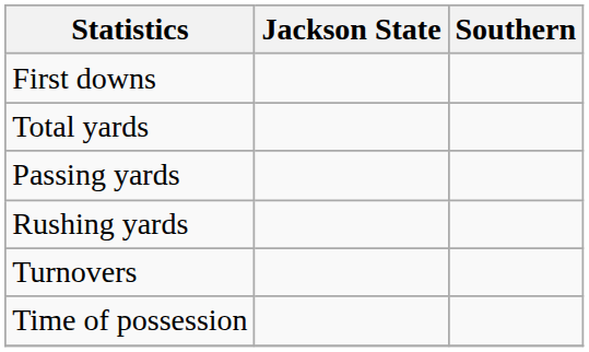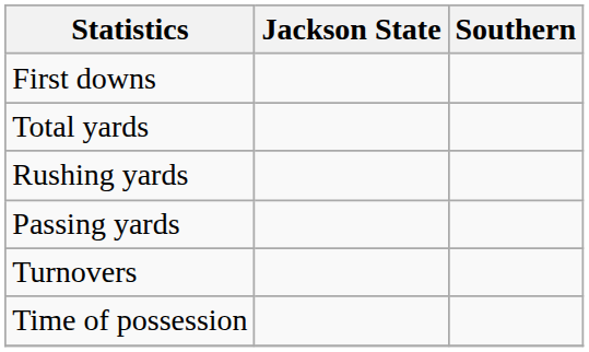 <table class="wikitable">
 <tr>
 <th>Statistics</th>
 <th>Jackson State</th>
 <th>Southern</th>
 </tr>
 <tr>
 <td>First downs</td>
 <td></td>
 <td> </td>
 </tr>
 <tr>
 <td>Total yards</td>
 <td></td>
 <td> </td>
 </tr>
 <tr>
-<td>Passing yards</td>
+<td>Rushing yards</td>
 <td></td>
 <td> </td>
 </tr>
 <tr>
-<td>Rushing yards</td>
+<td>Passing yards</td>
 <td></td>
 <td> </td>
 </tr>
 <tr>
 <td>Turnovers</td>
 <td></td>
 <td> </td>
 </tr>
 <tr>
 <td>Time of possession</td>
 <td></td>
 <td> </td>
 </tr>
 <tr>
 </tr>
 </table>
